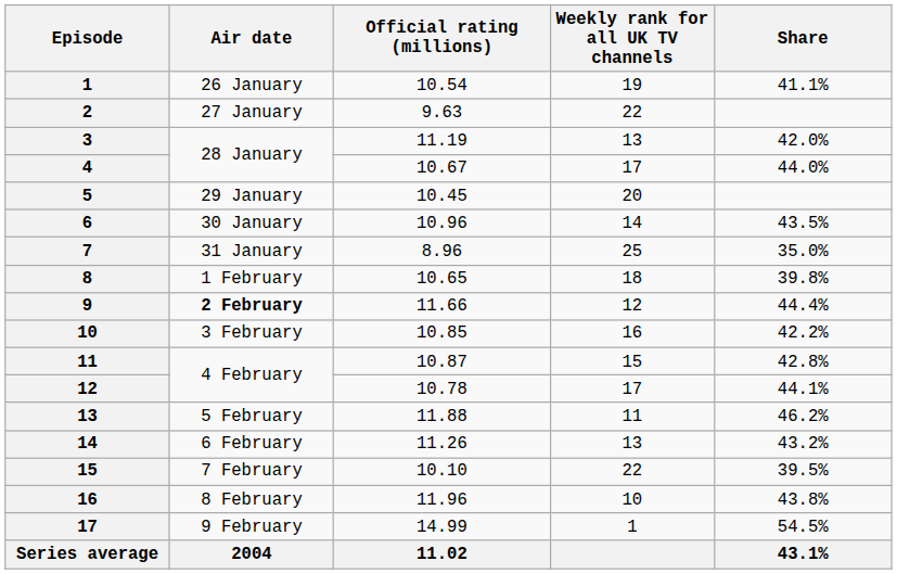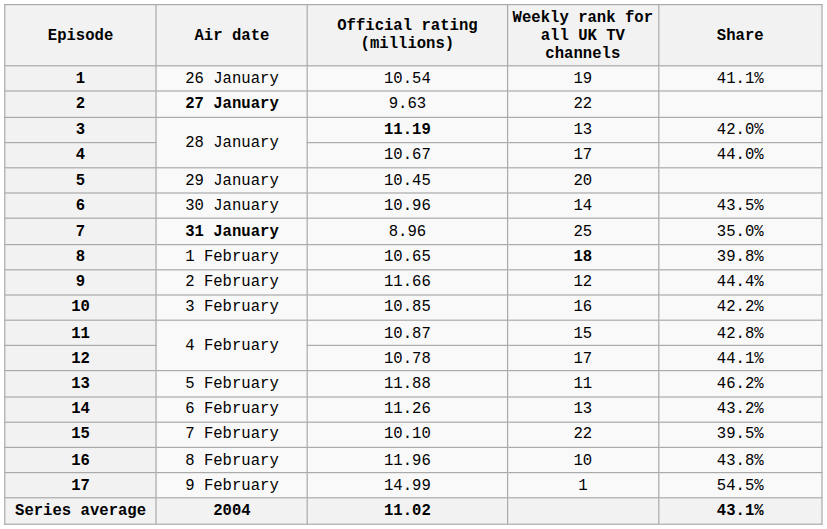 <table class="wikitable" style="text-align:center; margin: 1em auto 1em auto">
 <tr>
 <th scope="col" style="width:120px;">Episode</th>
 <th scope="col" style="width:120px;">Air date</th>
 <th scope="col" style="width:160px;">Official rating <br> (millions)</th>
 <th scope="col" style="width:120px;">Weekly rank for all UK TV channels</th>
 <th scope="col" style="width:130px;">Share</th>
 </tr>
 <tr>
 <th>1</th>
 <td>26 January</td>
 <td>10.54</td>
 <td>19</td>
 <td>41.1%</td>
 </tr>
 <tr>
 <th>2</th>
-<td>27 January</td>
+<td><strong>27 January</strong></td>
 <td>9.63</td>
 <td>22</td>
 <td></td>
 </tr>
 <tr>
 <th>3</th>
 <td rowspan="2">28 January</td>
-<td>11.19</td>
+<td><strong>11.19</strong></td>
 <td>13</td>
 <td>42.0%</td>
 </tr>
 <tr>
 <th>4</th>
 <td>10.67</td>
 <td>17</td>
 <td>44.0%</td>
 </tr>
 <tr>
 <th>5</th>
 <td>29 January</td>
 <td>10.45</td>
 <td>20</td>
 <td></td>
 </tr>
 <tr>
 <th>6</th>
 <td>30 January</td>
 <td>10.96</td>
 <td>14</td>
 <td>43.5%</td>
 </tr>
 <tr>
 <th>7</th>
-<td>31 January</td>
+<td><strong>31 January</strong></td>
 <td>8.96</td>
 <td>25</td>
 <td>35.0%</td>
 </tr>
 <tr>
 <th>8</th>
 <td>1 February</td>
 <td>10.65</td>
-<td>18</td>
+<td><strong>18</strong></td>
 <td>39.8%</td>
 </tr>
 <tr>
 <th>9</th>
-<td><strong>2 February</strong></td>
+<td>2 February</td>
 <td>11.66</td>
 <td>12</td>
 <td>44.4%</td>
 </tr>
 <tr>
 <th>10</th>
 <td>3 February</td>
 <td>10.85</td>
 <td>16</td>
 <td>42.2%</td>
 </tr>
 <tr>
 <th>11</th>
 <td rowspan="2">4 February</td>
 <td>10.87</td>
 <td>15</td>
 <td>42.8%</td>
 </tr>
 <tr>
 <th>12</th>
 <td>10.78</td>
 <td>17</td>
 <td>44.1%</td>
 </tr>
 <tr>
 <th>13</th>
 <td>5 February</td>
 <td>11.88</td>
 <td>11</td>
 <td>46.2%</td>
 </tr>
 <tr>
 <th>14</th>
 <td>6 February</td>
 <td>11.26</td>
 <td>13</td>
 <td>43.2%</td>
 </tr>
 <tr>
 <th>15</th>
 <td>7 February</td>
 <td>10.10</td>
 <td>22</td>
 <td>39.5%</td>
 </tr>
 <tr>
 <th>16</th>
 <td>8 February</td>
 <td>11.96</td>
 <td>10</td>
 <td>43.8%</td>
 </tr>
 <tr>
 <th>17</th>
 <td>9 February</td>
 <td>14.99</td>
 <td>1</td>
 <td>54.5%</td>
 </tr>
 <tr>
 <th>Series average</th>
 <th>2004</th>
 <th>11.02</th>
 <th></th>
 <th>43.1%</th>
 </tr>
 </table>
